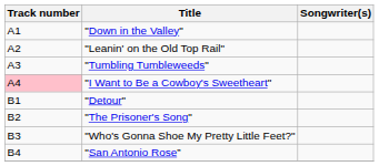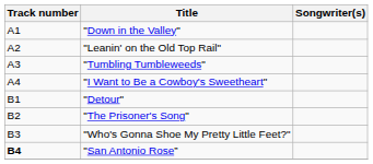 <table class="wikitable">
 <tr>
 <th>Track number</th>
 <th>Title</th>
 <th>Songwriter(s)</th>
 </tr>
 <tr>
 <td>A1</td>
 <td>"<a href='#'>Down in the Valley</a>"</td>
 <td></td>
 </tr>
 <tr>
 <td>A2</td>
 <td>"Leanin' on the Old Top Rail"</td>
 <td></td>
 </tr>
 <tr>
 <td>A3</td>
 <td>"<a href='#'>Tumbling Tumbleweeds</a>"</td>
 <td></td>
 </tr>
 <tr>
-<td style="background: pink;">A4</td>
+<td>A4</td>
 <td>"<a href='#'>I Want to Be a Cowboy's Sweetheart</a>"</td>
 <td></td>
 </tr>
 <tr>
 <td>B1</td>
 <td>"<a href='#'>Detour</a>"</td>
 <td></td>
 </tr>
 <tr>
 <td>B2</td>
 <td>"<a href='#'>The Prisoner's Song</a>"</td>
 <td></td>
 </tr>
 <tr>
 <td>B3</td>
 <td>"Who's Gonna Shoe My Pretty Little Feet?"</td>
 <td></td>
 </tr>
 <tr>
-<td>B4</td>
+<td><strong>B4</strong></td>
 <td>"<a href='#'>San Antonio Rose</a>”</td>
 <td></td>
 </tr>
 <tr>
 </tr>
 </table>
